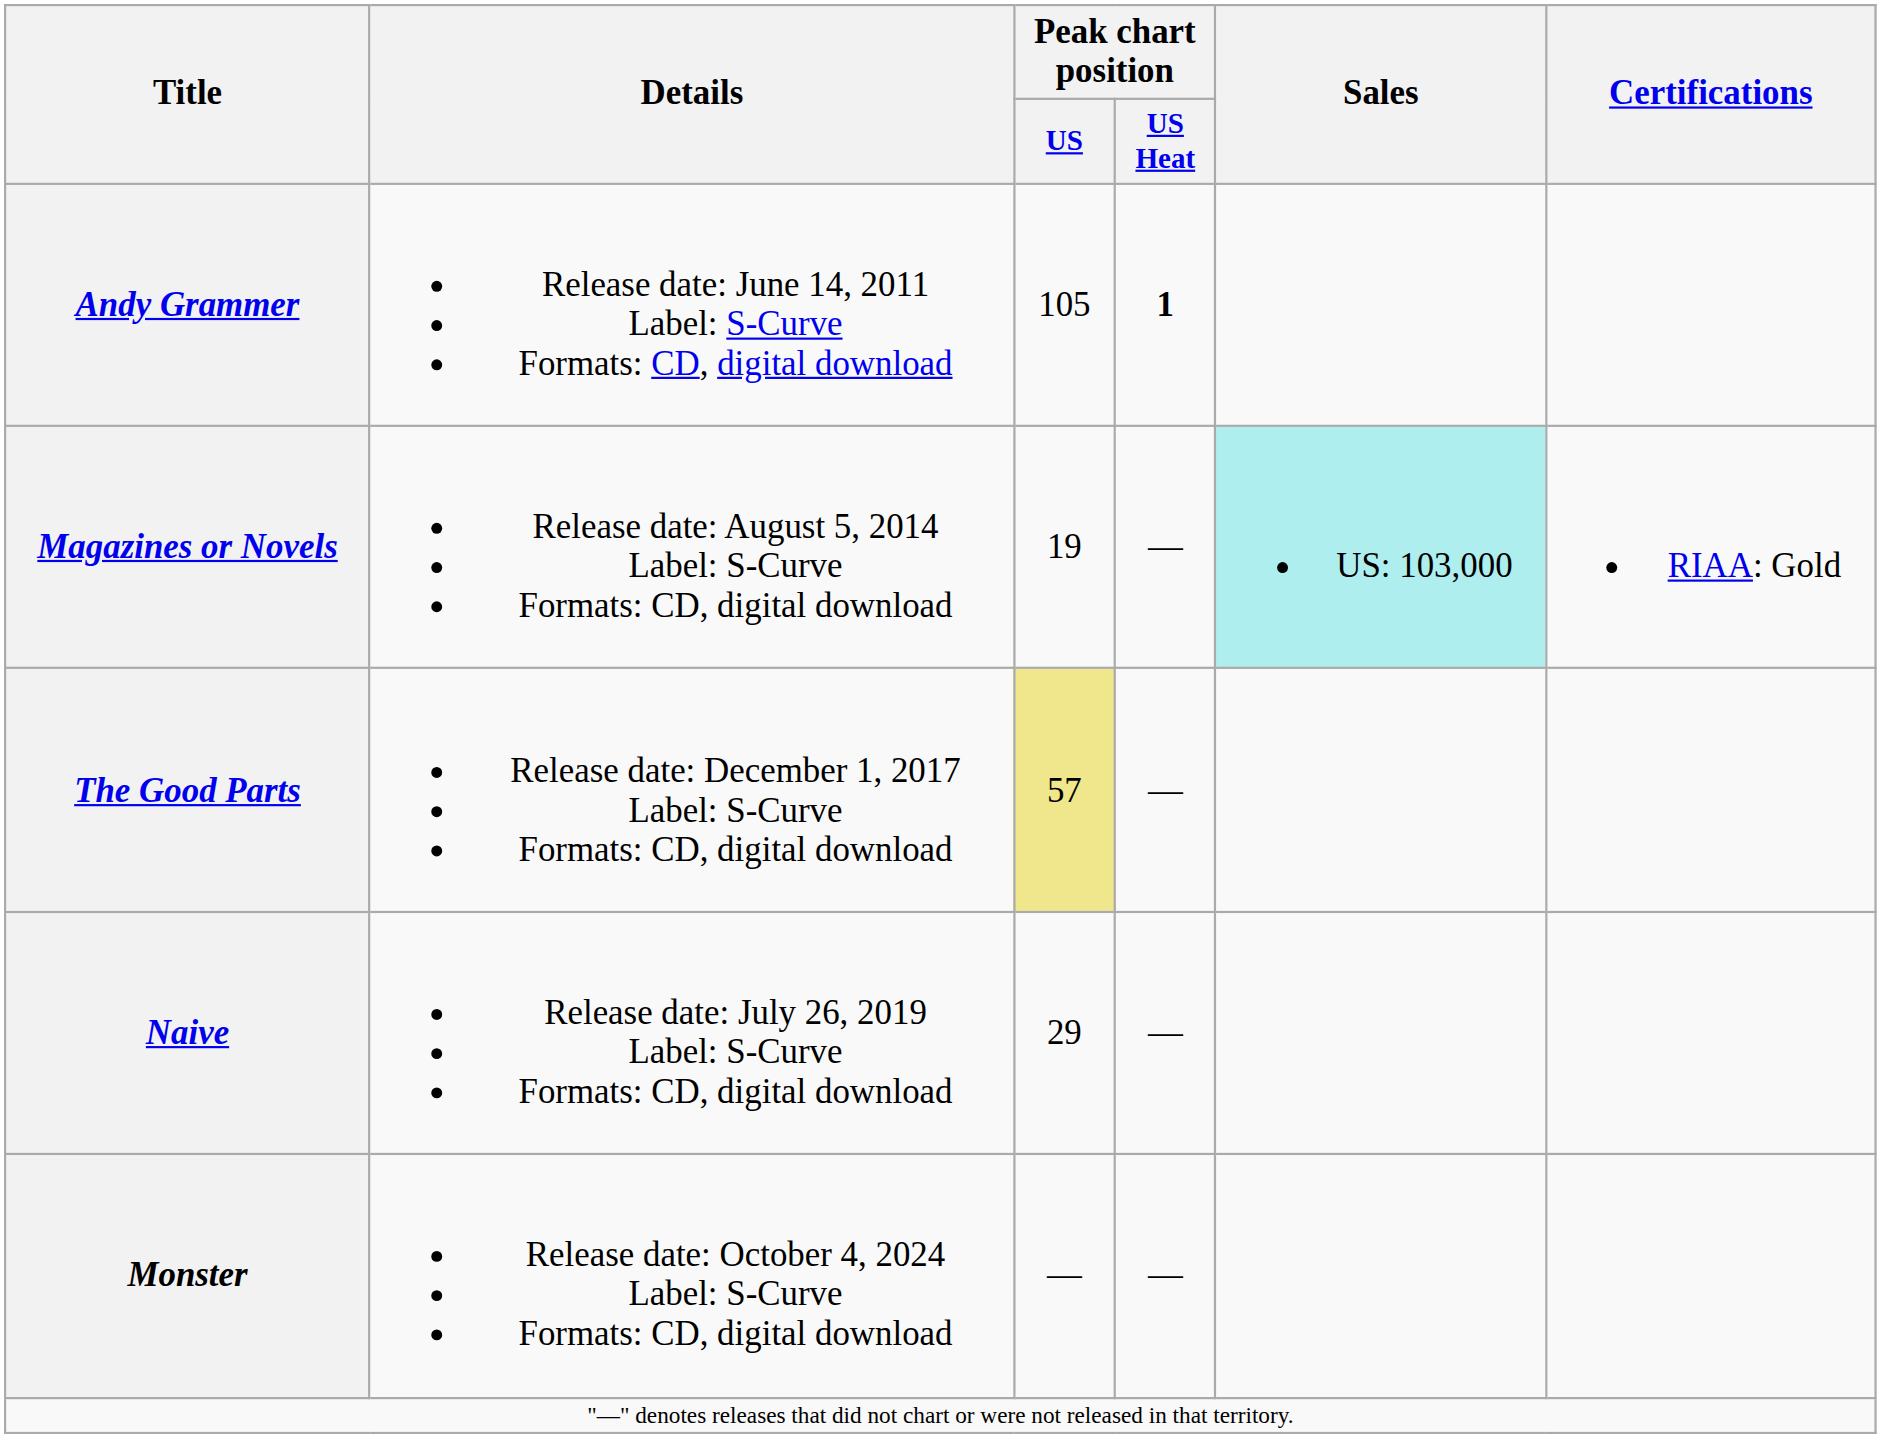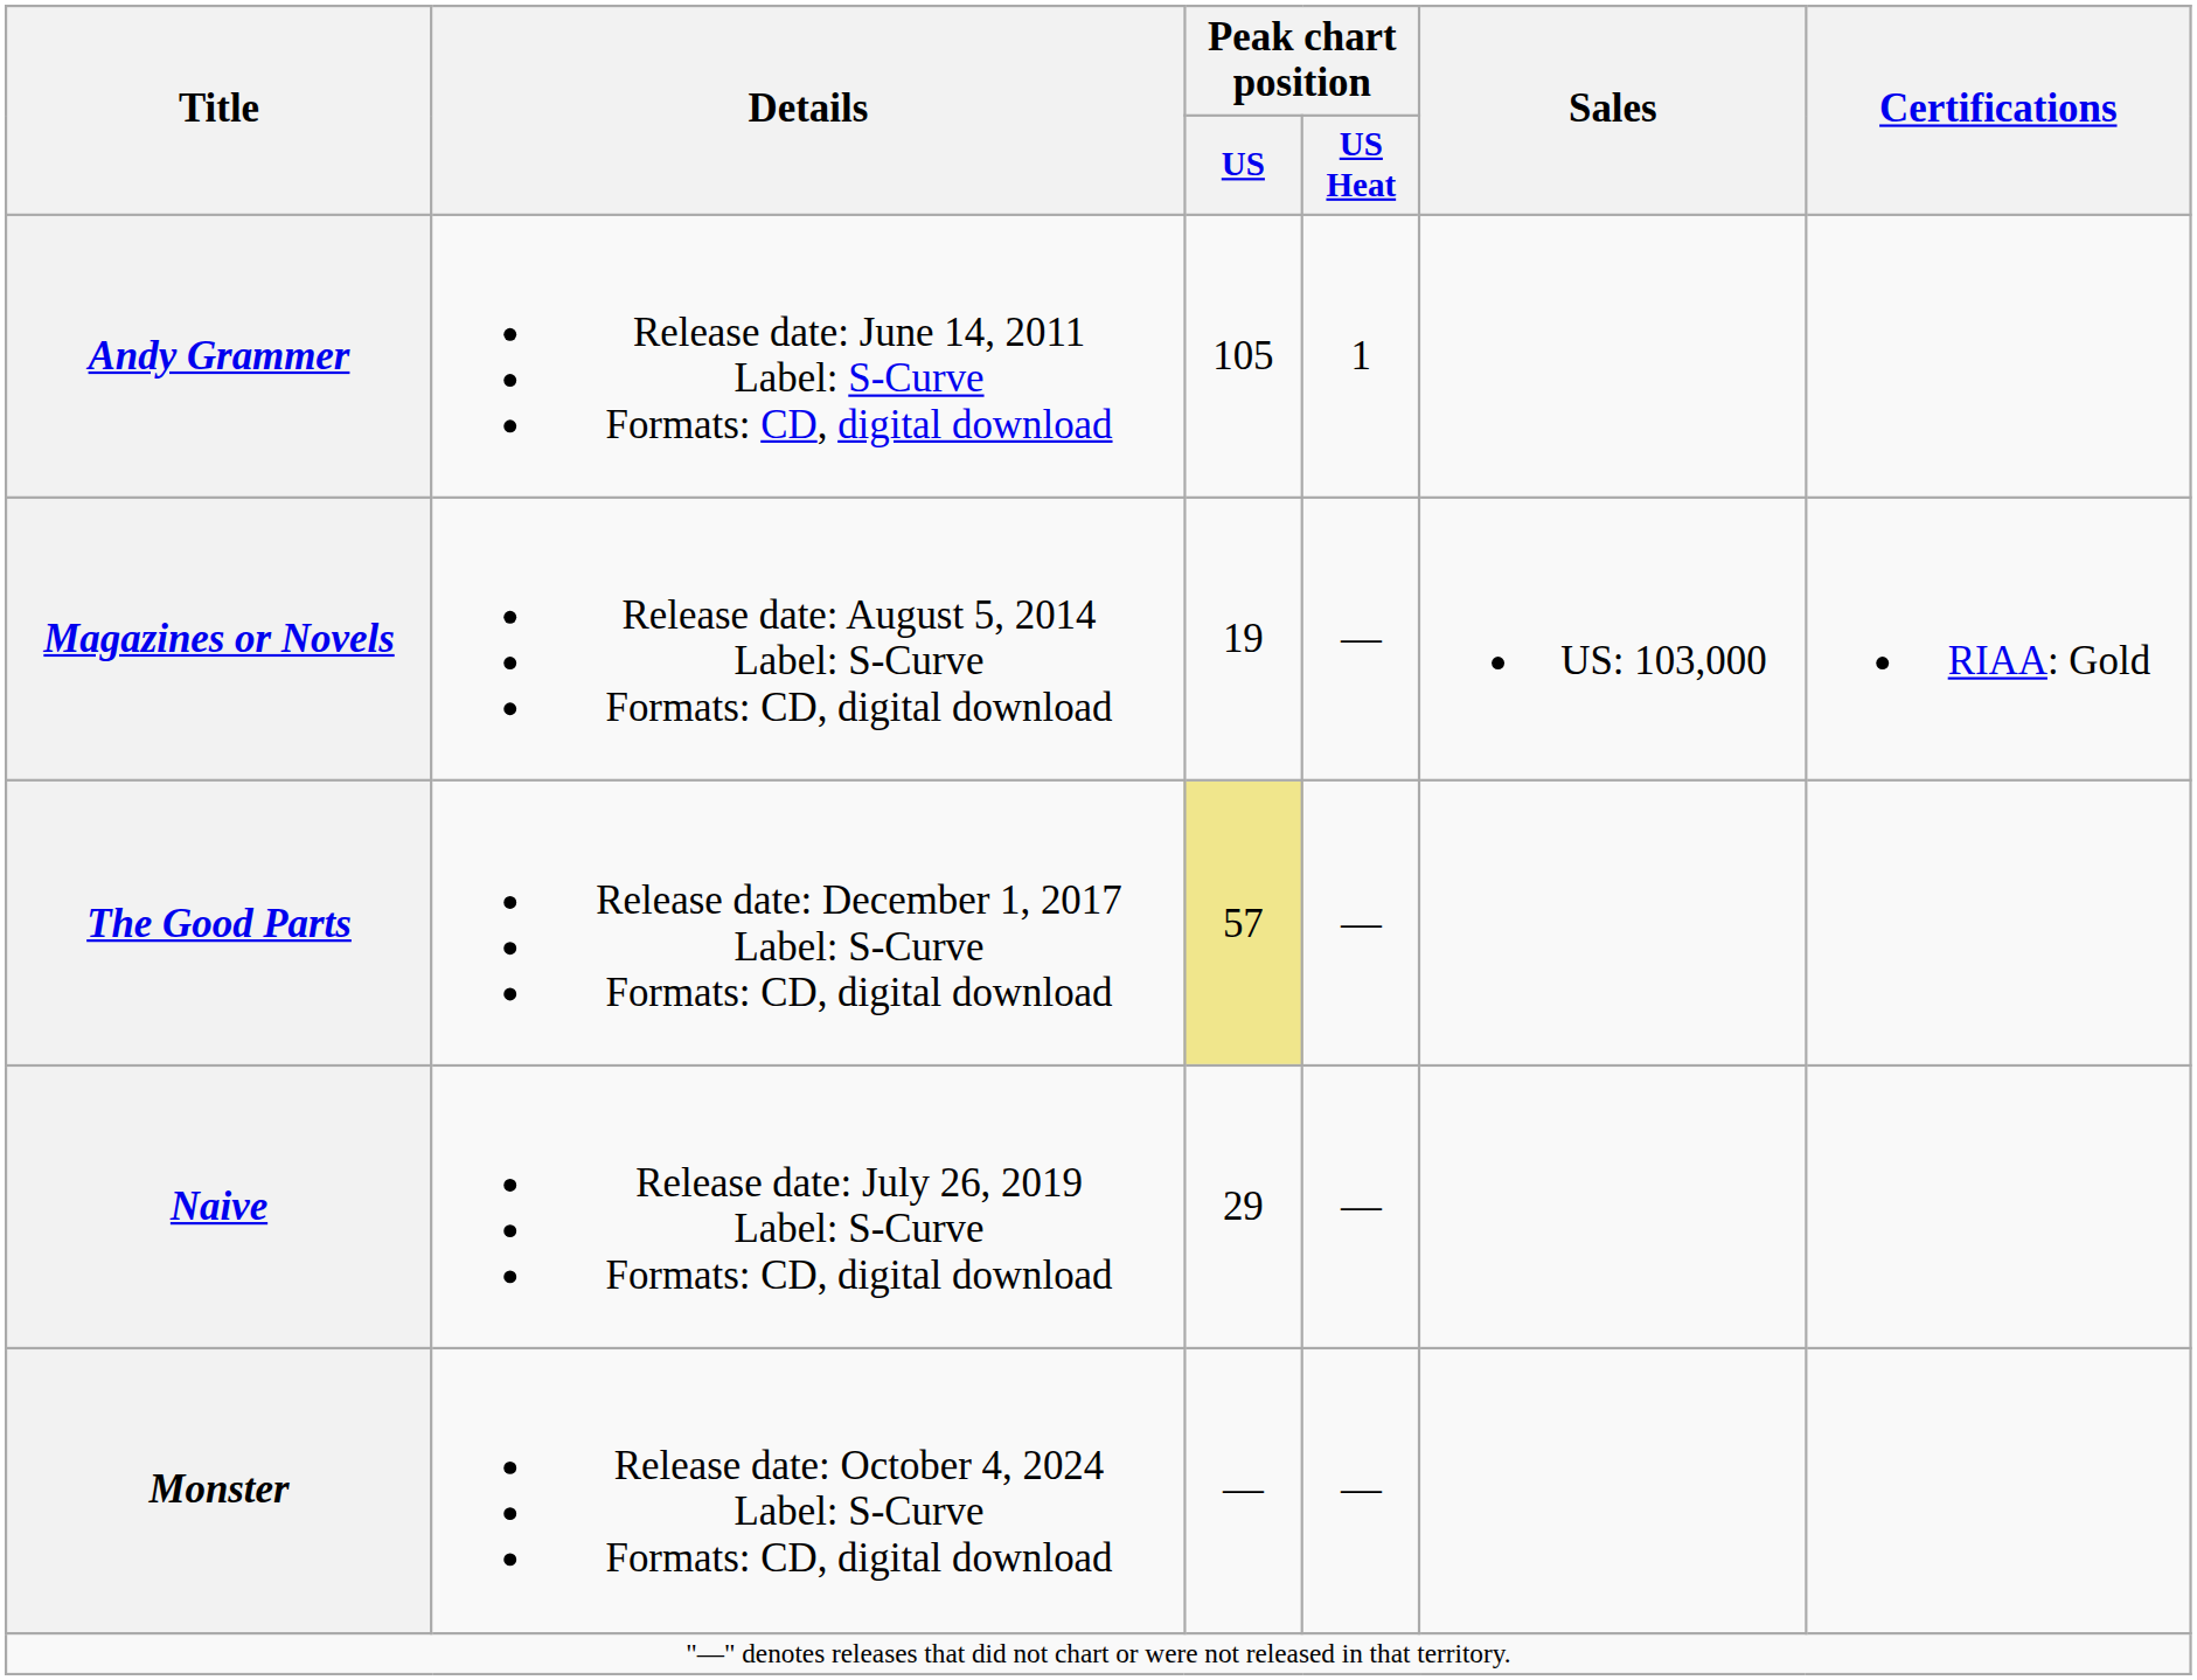 <table class="wikitable plainrowheaders" style="text-align:center;">
 <tr>
 <th rowspan="2" style="width:10em;">Title</th>
 <th rowspan="2" style="width:18em;">Details</th>
 <th colspan="2">Peak chart<br>position</th>
 <th rowspan="2" style="width:9em;">Sales</th>
 <th rowspan="2" style="width:9em;"><a href='#'>Certifications</a></th>
 </tr>
 <tr style="font-size:smaller;">
 <th style="width:3em;"><a href='#'>US</a><br></th>
 <th style="width:3em;"><a href='#'>US<br>Heat</a><br></th>
 </tr>
 <tr>
 <th scope="row"><em><a href='#'>Andy Grammer</a></em></th>
 <td><br><ul><li>Release date: June 14, 2011</li><li>Label: <a href='#'>S-Curve</a></li><li>Formats: <a href='#'>CD</a>, <a href='#'>digital download</a></li></ul></td>
 <td>105</td>
-<td><strong>1</strong></td>
+<td>1</td>
 <td></td>
 <td></td>
 </tr>
 <tr>
 <th scope="row"><em><a href='#'>Magazines or Novels</a></em></th>
 <td><br><ul><li>Release date: August 5, 2014</li><li>Label: S-Curve</li><li>Formats: CD, digital download</li></ul></td>
 <td>19</td>
 <td>—</td>
-<td style="background: paleturquoise;"><br><ul><li>US: 103,000</li></ul></td>
+<td><br><ul><li>US: 103,000</li></ul></td>
 <td><br><ul><li><a href='#'>RIAA</a>: Gold</li></ul></td>
 </tr>
 <tr>
 <th scope="row"><em><a href='#'>The Good Parts</a></em></th>
 <td><br><ul><li>Release date: December 1, 2017</li><li>Label: S-Curve</li><li>Formats: CD, digital download</li></ul></td>
 <td style="background: khaki;">57</td>
 <td>—</td>
 <td></td>
 <td></td>
 </tr>
 <tr>
 <th scope="row"><em><a href='#'>Naive</a></em></th>
 <td><br><ul><li>Release date: July 26, 2019</li><li>Label: S-Curve</li><li>Formats: CD, digital download</li></ul></td>
 <td>29</td>
 <td>—</td>
 <td></td>
 <td></td>
 </tr>
 <tr>
 <th scope="row"><em>Monster</em></th>
 <td><br><ul><li>Release date: October 4, 2024</li><li>Label: S-Curve</li><li>Formats: CD, digital download</li></ul></td>
 <td>—</td>
 <td>—</td>
 <td></td>
 <td></td>
 </tr>
 <tr>
 <td colspan="6" style="font-size:8pt;">"—" denotes releases that did not chart or were not released in that territory.</td>
 </tr>
 </table>
